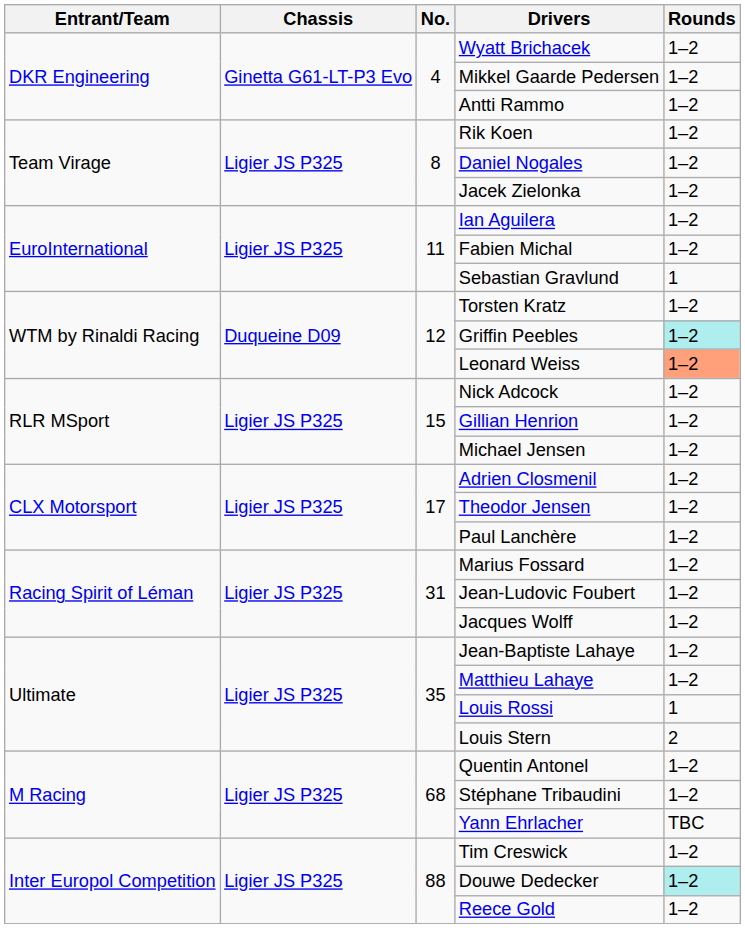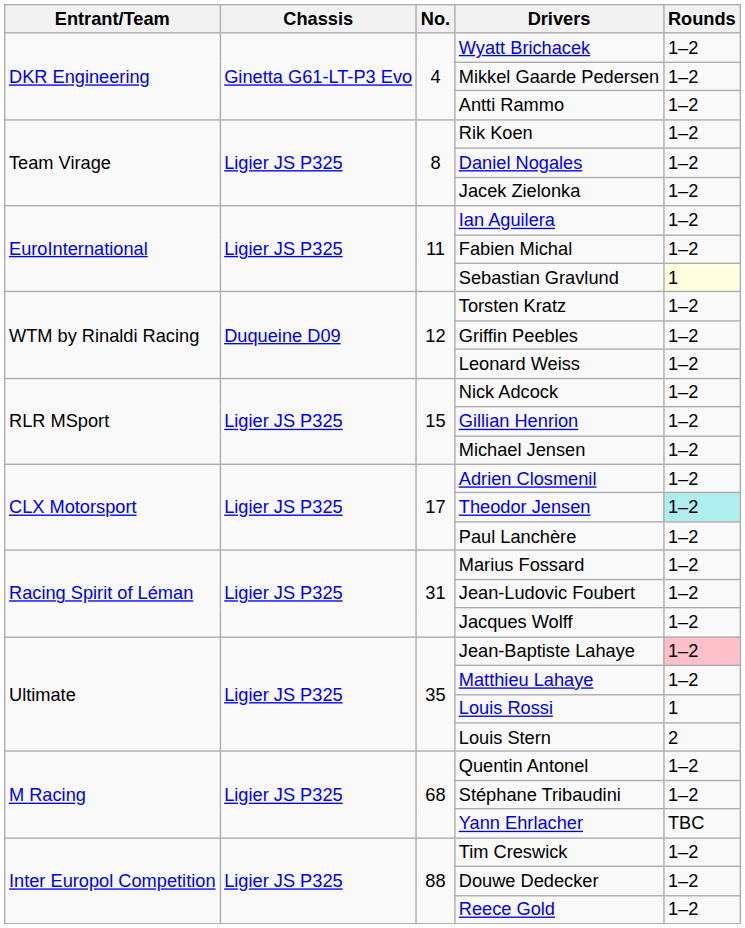 <table class="wikitable" style="font-size: 85%;">
 <tr>
 <th>Entrant/Team</th>
 <th>Chassis</th>
 <th>No.</th>
 <th>Drivers</th>
 <th>Rounds</th>
 </tr>
 <tr>
 <td rowspan="3"> <a href='#'>DKR Engineering</a></td>
 <td rowspan="3" nowrap><a href='#'>Ginetta G61-LT-P3 Evo</a></td>
 <td rowspan="3" align="center">4</td>
 <td> <a href='#'>Wyatt Brichacek</a></td>
 <td>1–2</td>
 </tr>
 <tr>
 <td nowrap> Mikkel Gaarde Pedersen</td>
 <td>1–2</td>
 </tr>
 <tr>
 <td> Antti Rammo</td>
 <td>1–2</td>
 </tr>
 <tr>
 <td rowspan="3"> Team Virage</td>
 <td rowspan="3"><a href='#'>Ligier JS P325</a></td>
 <td rowspan="3" align="center">8</td>
 <td> Rik Koen</td>
 <td>1–2</td>
 </tr>
 <tr>
 <td> <a href='#'>Daniel Nogales</a></td>
 <td>1–2</td>
 </tr>
 <tr>
 <td> Jacek Zielonka</td>
 <td>1–2</td>
 </tr>
 <tr>
 <td rowspan="3"> <a href='#'>EuroInternational</a></td>
 <td rowspan="3"><a href='#'>Ligier JS P325</a></td>
 <td rowspan="3" align="center">11</td>
 <td> <a href='#'>Ian Aguilera</a></td>
 <td>1–2</td>
 </tr>
 <tr>
 <td> Fabien Michal</td>
 <td>1–2</td>
 </tr>
 <tr>
 <td> Sebastian Gravlund</td>
-<td>1</td>
+<td style="background: lightyellow;">1</td>
 </tr>
 <tr>
 <td rowspan="3"> WTM by Rinaldi Racing</td>
 <td rowspan="3"><a href='#'>Duqueine D09</a></td>
 <td rowspan="3" align="center">12</td>
 <td> Torsten Kratz</td>
 <td>1–2</td>
 </tr>
 <tr>
 <td> Griffin Peebles</td>
-<td style="background: paleturquoise;">1–2</td>
+<td>1–2</td>
 </tr>
 <tr>
 <td> Leonard Weiss</td>
-<td style="background: lightsalmon;">1–2</td>
+<td>1–2</td>
 </tr>
 <tr>
 <td rowspan="3"> RLR MSport</td>
 <td rowspan="3"><a href='#'>Ligier JS P325</a></td>
 <td rowspan="3" align="center">15</td>
 <td> Nick Adcock</td>
 <td>1–2</td>
 </tr>
 <tr>
 <td> <a href='#'>Gillian Henrion</a></td>
 <td>1–2</td>
 </tr>
 <tr>
 <td> Michael Jensen</td>
 <td>1–2</td>
 </tr>
 <tr>
 <td rowspan="3"> <a href='#'>CLX Motorsport</a></td>
 <td rowspan="3"><a href='#'>Ligier JS P325</a></td>
 <td rowspan="3" align="center">17</td>
 <td> <a href='#'>Adrien Closmenil</a></td>
 <td>1–2</td>
 </tr>
 <tr>
 <td> <a href='#'>Theodor Jensen</a></td>
-<td>1–2</td>
+<td style="background: paleturquoise;">1–2</td>
 </tr>
 <tr>
 <td> Paul Lanchère</td>
 <td>1–2</td>
 </tr>
 <tr>
 <td rowspan="3"> <a href='#'>Racing Spirit of Léman</a></td>
 <td rowspan="3"><a href='#'>Ligier JS P325</a></td>
 <td rowspan="3" align="center">31</td>
 <td> Marius Fossard</td>
 <td>1–2</td>
 </tr>
 <tr>
 <td> Jean-Ludovic Foubert</td>
 <td>1–2</td>
 </tr>
 <tr>
 <td> Jacques Wolff</td>
 <td>1–2</td>
 </tr>
 <tr>
 <td rowspan="4"> Ultimate</td>
 <td rowspan="4"><a href='#'>Ligier JS P325</a></td>
 <td rowspan="4" align="center">35</td>
 <td> Jean-Baptiste Lahaye</td>
-<td>1–2</td>
+<td style="background: pink;">1–2</td>
 </tr>
 <tr>
 <td> <a href='#'>Matthieu Lahaye</a></td>
 <td>1–2</td>
 </tr>
 <tr>
 <td> <a href='#'>Louis Rossi</a></td>
 <td>1</td>
 </tr>
 <tr>
 <td> Louis Stern</td>
 <td>2</td>
 </tr>
 <tr>
 <td rowspan="3"> <a href='#'>M Racing</a></td>
 <td rowspan="3"><a href='#'>Ligier JS P325</a></td>
 <td rowspan="3" align="center">68</td>
 <td> Quentin Antonel</td>
 <td>1–2</td>
 </tr>
 <tr>
 <td> Stéphane Tribaudini</td>
 <td>1–2</td>
 </tr>
 <tr>
 <td> <a href='#'>Yann Ehrlacher</a></td>
 <td>TBC</td>
 </tr>
 <tr>
 <td rowspan="3" nowrap> <a href='#'>Inter Europol Competition</a></td>
 <td rowspan="3"><a href='#'>Ligier JS P325</a></td>
 <td rowspan="3" align="center">88</td>
 <td> Tim Creswick</td>
 <td>1–2</td>
 </tr>
 <tr>
 <td> Douwe Dedecker</td>
-<td style="background: paleturquoise;">1–2</td>
+<td>1–2</td>
 </tr>
 <tr>
 <td> <a href='#'>Reece Gold</a></td>
 <td>1–2</td>
 </tr>
 <tr>
 </tr>
 </table>
